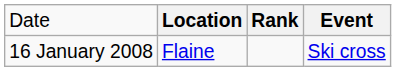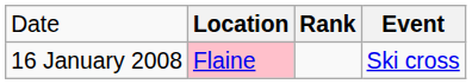 <table class="wikitable sortable" style="font-size:90%" style="text-align:center">
 <tr>
 <td>Date</td>
 <th>Location</th>
 <th>Rank</th>
 <th>Event</th>
 </tr>
 <tr>
 <td>16 January 2008</td>
-<td><a href='#'>Flaine</a></td>
+<td style="background: pink;"><a href='#'>Flaine</a></td>
 <td></td>
 <td><a href='#'>Ski cross</a></td>
 </tr>
 </table>
